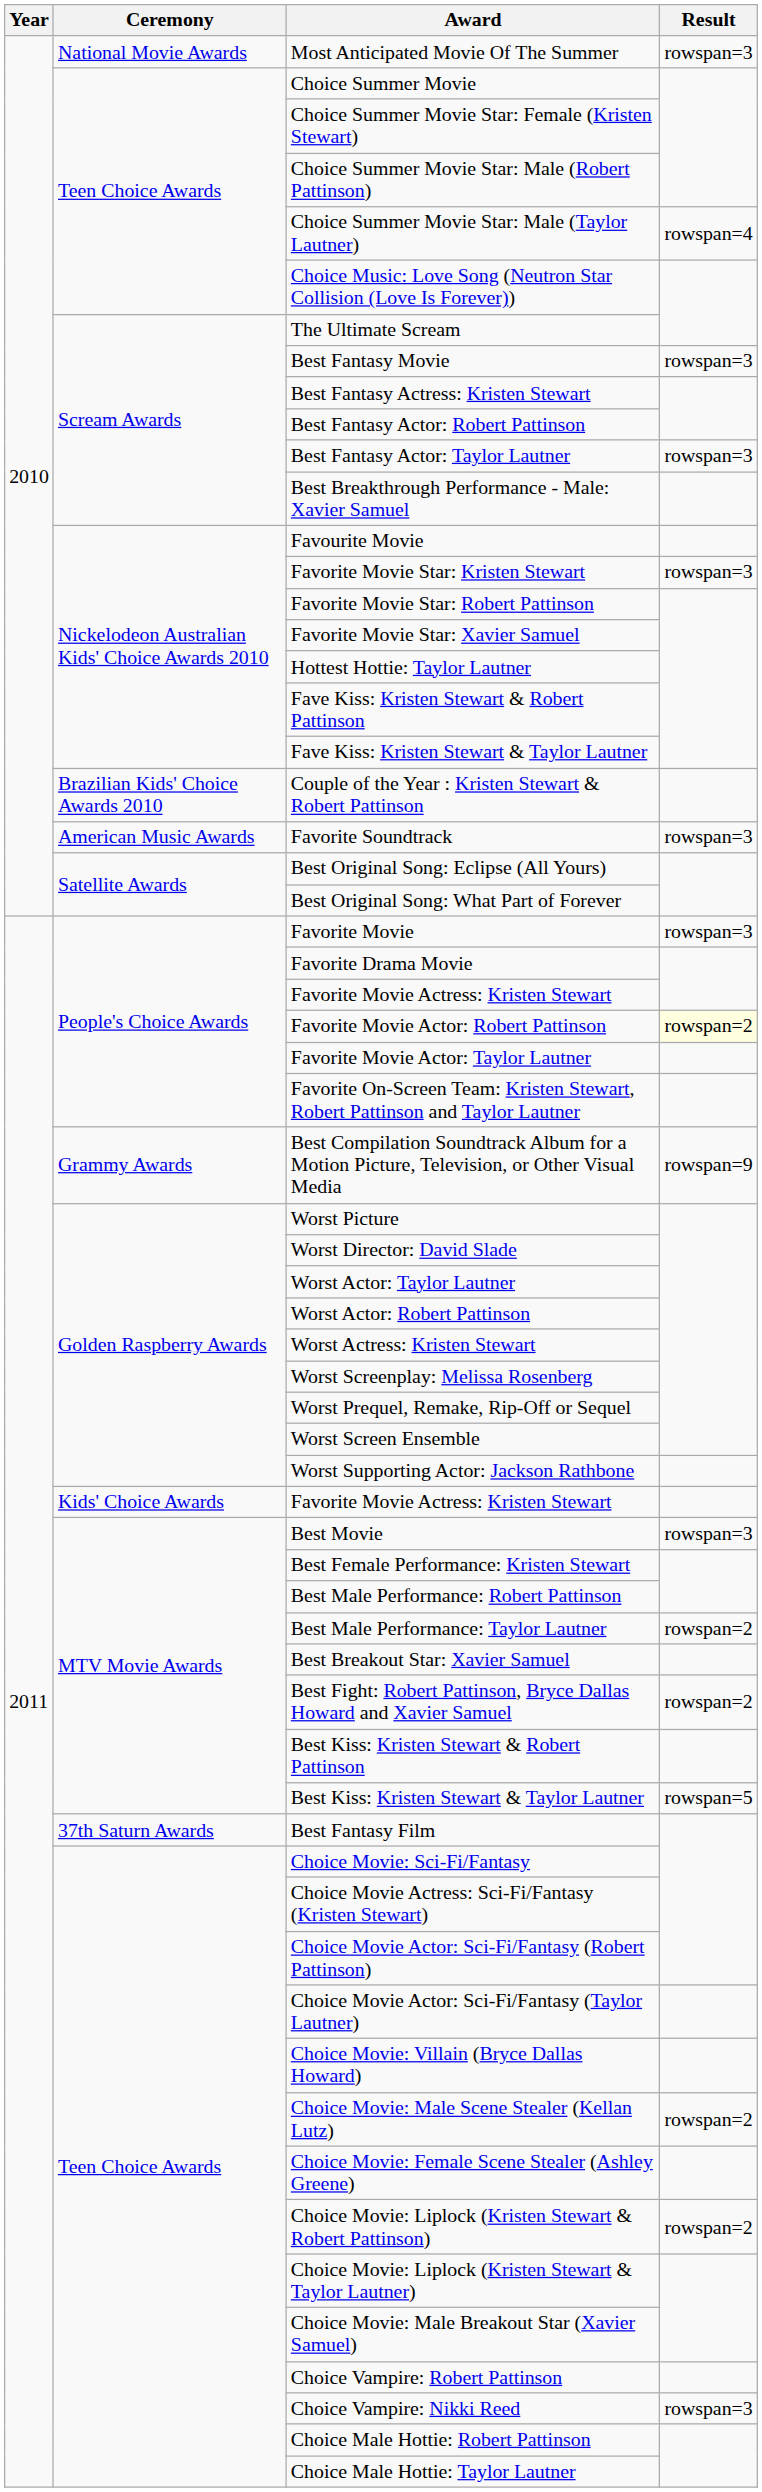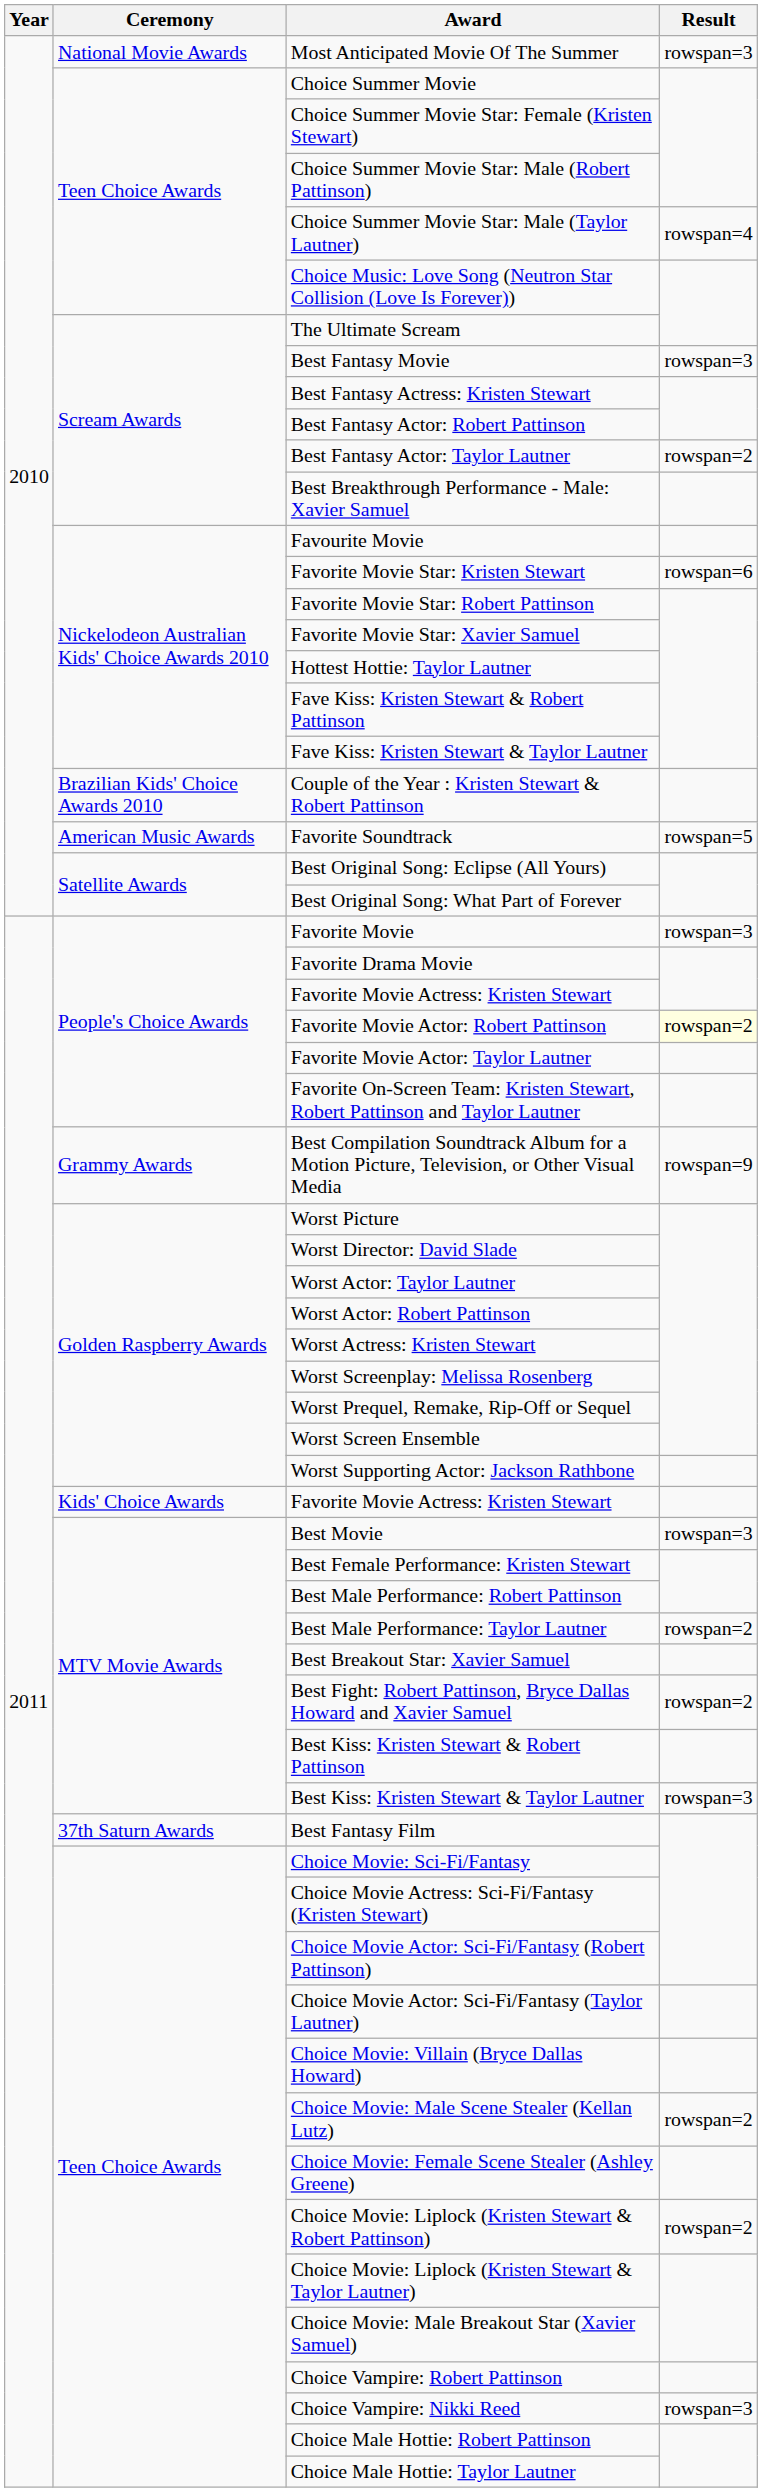 <table class="wikitable">
 <tr>
 <th>Year</th>
 <th>Ceremony</th>
 <th>Award</th>
 <th>Result</th>
 </tr>
 <tr>
 <td rowspan="23">2010</td>
 <td><a href='#'>National Movie Awards</a></td>
 <td>Most Anticipated Movie Of The Summer</td>
 <td>rowspan=3 </td>
 </tr>
 <tr>
 <td rowspan="5"><a href='#'>Teen Choice Awards</a></td>
 <td>Choice Summer Movie</td>
 </tr>
 <tr>
 <td>Choice Summer Movie Star: Female (<a href='#'>Kristen Stewart</a>)</td>
 </tr>
 <tr>
 <td>Choice Summer Movie Star: Male (<a href='#'>Robert Pattinson</a>)</td>
 </tr>
 <tr>
 <td>Choice Summer Movie Star: Male (<a href='#'>Taylor Lautner</a>)</td>
 <td>rowspan=4 </td>
 </tr>
 <tr>
 <td><a href='#'>Choice Music: Love Song</a> (<a href='#'>Neutron Star Collision (Love Is Forever)</a>)</td>
 </tr>
 <tr>
 <td rowspan="6"><a href='#'>Scream Awards</a></td>
 <td>The Ultimate Scream</td>
 </tr>
 <tr>
 <td>Best Fantasy Movie</td>
 <td>rowspan=3 </td>
 </tr>
 <tr>
 <td>Best Fantasy Actress: <a href='#'>Kristen Stewart</a></td>
 </tr>
 <tr>
 <td>Best Fantasy Actor: <a href='#'>Robert Pattinson</a></td>
 </tr>
 <tr>
 <td>Best Fantasy Actor: <a href='#'>Taylor Lautner</a></td>
-<td>rowspan=3 </td>
+<td>rowspan=2 </td>
 </tr>
 <tr>
 <td>Best Breakthrough Performance - Male: <a href='#'>Xavier Samuel</a></td>
 </tr>
 <tr>
 <td rowspan="7"><a href='#'>Nickelodeon Australian Kids' Choice Awards 2010</a></td>
 <td>Favourite Movie</td>
 <td></td>
 </tr>
 <tr>
 <td>Favorite Movie Star: <a href='#'>Kristen Stewart</a></td>
-<td>rowspan=3 </td>
+<td>rowspan=6 </td>
 </tr>
 <tr>
 <td>Favorite Movie Star: <a href='#'>Robert Pattinson</a></td>
 </tr>
 <tr>
 <td>Favorite Movie Star: <a href='#'>Xavier Samuel</a></td>
 </tr>
 <tr>
 <td>Hottest Hottie: <a href='#'>Taylor Lautner</a></td>
 </tr>
 <tr>
 <td>Fave Kiss: <a href='#'>Kristen Stewart</a> & <a href='#'>Robert Pattinson</a></td>
 </tr>
 <tr>
 <td>Fave Kiss: <a href='#'>Kristen Stewart</a> & <a href='#'>Taylor Lautner</a></td>
 </tr>
 <tr>
 <td><a href='#'>Brazilian Kids' Choice Awards 2010</a></td>
 <td>Couple of the Year : <a href='#'>Kristen Stewart</a> & <a href='#'>Robert Pattinson</a></td>
 <td></td>
 </tr>
 <tr>
 <td><a href='#'>American Music Awards</a></td>
 <td>Favorite Soundtrack</td>
-<td>rowspan=3 </td>
+<td>rowspan=5 </td>
 </tr>
 <tr>
 <td rowspan="2"><a href='#'>Satellite Awards</a></td>
 <td>Best Original Song: Eclipse (All Yours)</td>
 </tr>
 <tr>
 <td>Best Original Song: What Part of Forever</td>
 </tr>
 <tr>
 <td rowspan="41">2011</td>
 <td rowspan="6"><a href='#'>People's Choice Awards</a></td>
 <td>Favorite Movie</td>
 <td>rowspan=3 </td>
 </tr>
 <tr>
 <td>Favorite Drama Movie</td>
 </tr>
 <tr>
 <td>Favorite Movie Actress: <a href='#'>Kristen Stewart</a></td>
 </tr>
 <tr>
 <td>Favorite Movie Actor: <a href='#'>Robert Pattinson</a></td>
 <td style="background: lightyellow;">rowspan=2 </td>
 </tr>
 <tr>
 <td>Favorite Movie Actor: <a href='#'>Taylor Lautner</a></td>
 </tr>
 <tr>
 <td>Favorite On-Screen Team: <a href='#'>Kristen Stewart</a>, <a href='#'>Robert Pattinson</a> and <a href='#'>Taylor Lautner</a></td>
 <td></td>
 </tr>
 <tr>
 <td><a href='#'>Grammy Awards</a></td>
 <td>Best Compilation Soundtrack Album for a Motion Picture, Television, or Other Visual Media</td>
 <td>rowspan=9 </td>
 </tr>
 <tr>
 <td rowspan="9"><a href='#'>Golden Raspberry Awards</a></td>
 <td>Worst Picture</td>
 </tr>
 <tr>
 <td>Worst Director: <a href='#'>David Slade</a></td>
 </tr>
 <tr>
 <td>Worst Actor: <a href='#'>Taylor Lautner</a></td>
 </tr>
 <tr>
 <td>Worst Actor: <a href='#'>Robert Pattinson</a></td>
 </tr>
 <tr>
 <td>Worst Actress: <a href='#'>Kristen Stewart</a></td>
 </tr>
 <tr>
 <td>Worst Screenplay: <a href='#'>Melissa Rosenberg</a></td>
 </tr>
 <tr>
 <td>Worst Prequel, Remake, Rip-Off or Sequel</td>
 </tr>
 <tr>
 <td>Worst Screen Ensemble</td>
 </tr>
 <tr>
 <td>Worst Supporting Actor: <a href='#'>Jackson Rathbone</a></td>
 <td></td>
 </tr>
 <tr>
 <td><a href='#'>Kids' Choice Awards</a></td>
 <td>Favorite Movie Actress: <a href='#'>Kristen Stewart</a></td>
 <td></td>
 </tr>
 <tr>
 <td rowspan="8"><a href='#'>MTV Movie Awards</a></td>
 <td>Best Movie</td>
 <td>rowspan=3 </td>
 </tr>
 <tr>
 <td>Best Female Performance: <a href='#'>Kristen Stewart</a></td>
 </tr>
 <tr>
 <td>Best Male Performance: <a href='#'>Robert Pattinson</a></td>
 </tr>
 <tr>
 <td>Best Male Performance: <a href='#'>Taylor Lautner</a></td>
 <td>rowspan=2 </td>
 </tr>
 <tr>
 <td>Best Breakout Star: <a href='#'>Xavier Samuel</a></td>
 </tr>
 <tr>
 <td>Best Fight: <a href='#'>Robert Pattinson</a>, <a href='#'>Bryce Dallas Howard</a> and <a href='#'>Xavier Samuel</a></td>
 <td>rowspan=2 </td>
 </tr>
 <tr>
 <td>Best Kiss: <a href='#'>Kristen Stewart</a> & <a href='#'>Robert Pattinson</a></td>
 </tr>
 <tr>
 <td>Best Kiss: <a href='#'>Kristen Stewart</a> & <a href='#'>Taylor Lautner</a></td>
-<td>rowspan=5 </td>
+<td>rowspan=3 </td>
 </tr>
 <tr>
 <td rowspane="1"><a href='#'>37th Saturn Awards</a></td>
 <td>Best Fantasy Film</td>
 </tr>
 <tr>
 <td rowspan="14"><a href='#'>Teen Choice Awards</a></td>
 <td><a href='#'>Choice Movie: Sci-Fi/Fantasy</a></td>
 </tr>
 <tr>
 <td>Choice Movie Actress: Sci-Fi/Fantasy (<a href='#'>Kristen Stewart</a>)</td>
 </tr>
 <tr>
 <td><a href='#'>Choice Movie Actor: Sci-Fi/Fantasy</a> (<a href='#'>Robert Pattinson</a>)</td>
 </tr>
 <tr>
 <td>Choice Movie Actor: Sci-Fi/Fantasy (<a href='#'>Taylor Lautner</a>)</td>
 <td></td>
 </tr>
 <tr>
 <td><a href='#'>Choice Movie: Villain</a> (<a href='#'>Bryce Dallas Howard</a>)</td>
 <td></td>
 </tr>
 <tr>
 <td><a href='#'>Choice Movie: Male Scene Stealer</a> (<a href='#'>Kellan Lutz</a>)</td>
 <td>rowspan=2 </td>
 </tr>
 <tr>
 <td><a href='#'>Choice Movie: Female Scene Stealer</a> (<a href='#'>Ashley Greene</a>)</td>
 </tr>
 <tr>
 <td>Choice Movie: Liplock (<a href='#'>Kristen Stewart</a> & <a href='#'>Robert Pattinson</a>)</td>
 <td>rowspan=2 </td>
 </tr>
 <tr>
 <td>Choice Movie: Liplock (<a href='#'>Kristen Stewart</a> & <a href='#'>Taylor Lautner</a>)</td>
 </tr>
 <tr>
 <td>Choice Movie: Male Breakout Star (<a href='#'>Xavier Samuel</a>)</td>
 </tr>
 <tr>
 <td>Choice Vampire: <a href='#'>Robert Pattinson</a></td>
 <td></td>
 </tr>
 <tr>
 <td>Choice Vampire: <a href='#'>Nikki Reed</a></td>
 <td>rowspan=3 </td>
 </tr>
 <tr>
 <td>Choice Male Hottie: <a href='#'>Robert Pattinson</a></td>
 </tr>
 <tr>
 <td>Choice Male Hottie: <a href='#'>Taylor Lautner</a></td>
 </tr>
 </table>
